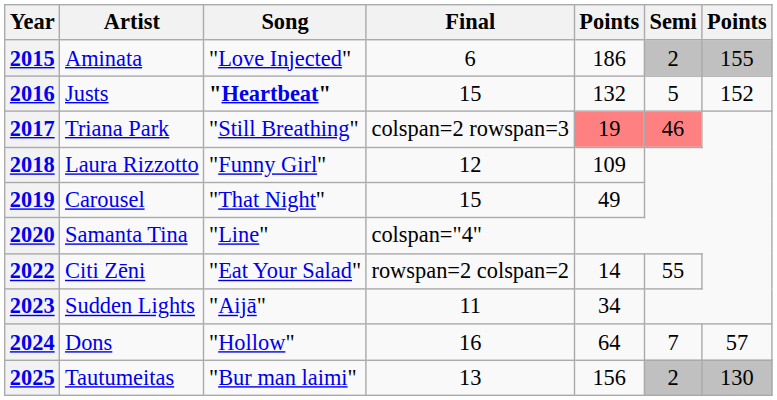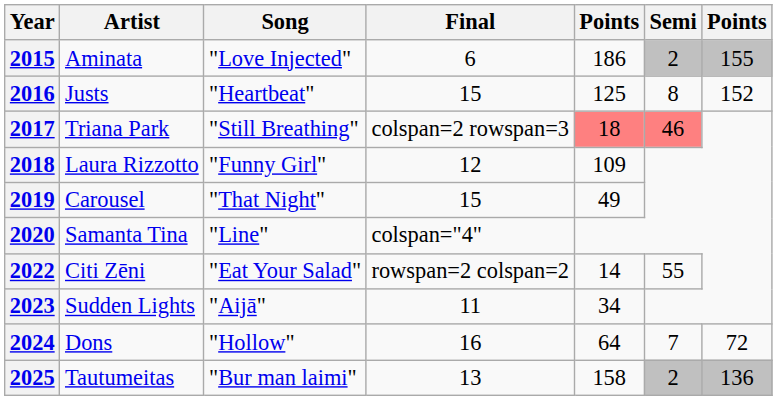 <table class="wikitable sortable plainrowheaders">
 <tr>
 <th scope="col">Year</th>
 <th scope="col">Artist</th>
 <th scope="col">Song</th>
 <th scope="col" data-sort-type="number">Final</th>
 <th scope="col" data-sort-type="number">Points</th>
 <th scope="col" data-sort-type="number">Semi</th>
 <th scope="col" data-sort-type="number">Points</th>
 </tr>
 <tr>
 <th scope="row" style="text-align:center;"><a href='#'>2015</a></th>
 <td><a href='#'>Aminata</a></td>
 <td>"<a href='#'>Love Injected</a>"</td>
 <td align="center">6</td>
 <td align="center">186</td>
 <td bgcolor="silver" align="center">2</td>
 <td bgcolor="silver" align="center">155</td>
 </tr>
 <tr>
 <th scope="row" style="text-align:center;"><a href='#'>2016</a></th>
 <td><a href='#'>Justs</a></td>
-<td><strong>"<a href='#'>Heartbeat</a>"</strong></td>
+<td>"<a href='#'>Heartbeat</a>"</td>
 <td align="center">15</td>
-<td align="center">132</td>
-<td align="center">5</td>
+<td align="center">125</td>
+<td align="center">8</td>
 <td align="center">152</td>
 </tr>
 <tr>
 <th scope="row" style="text-align:center;"><a href='#'>2017</a></th>
 <td><a href='#'>Triana Park</a></td>
 <td>"<a href='#'>Still Breathing</a>"</td>
 <td>colspan=2 rowspan=3 </td>
-<td bgcolor="#FE8080" align="center">19</td>
+<td bgcolor="#FE8080" align="center">18</td>
 <td bgcolor="#FE8080" align="center">46</td>
 </tr>
 <tr>
 <th scope="row" style="text-align:center;"><a href='#'>2018</a></th>
 <td><a href='#'>Laura Rizzotto</a></td>
 <td>"<a href='#'>Funny Girl</a>"</td>
 <td align="center">12</td>
 <td align="center">109</td>
 </tr>
 <tr>
 <th scope="row" style="text-align:center;"><a href='#'>2019</a></th>
 <td><a href='#'>Carousel</a></td>
 <td>"<a href='#'>That Night</a>"</td>
 <td align="center">15</td>
 <td align="center">49</td>
 </tr>
 <tr>
 <th scope="row" style="text-align:center;"><a href='#'>2020</a></th>
 <td><a href='#'>Samanta Tina</a></td>
 <td>"<a href='#'>Line</a>"</td>
 <td>colspan="4" </td>
 </tr>
 <tr>
 <th scope="row" style="text-align:center;"><a href='#'>2022</a></th>
 <td><a href='#'>Citi Zēni</a></td>
 <td>"<a href='#'>Eat Your Salad</a>"</td>
 <td>rowspan=2 colspan=2 </td>
 <td align="center">14</td>
 <td align="center">55</td>
 </tr>
 <tr>
 <th scope="row" style="text-align:center;"><a href='#'>2023</a></th>
 <td><a href='#'>Sudden Lights</a></td>
 <td>"<a href='#'>Aijā</a>"</td>
 <td align="center">11</td>
 <td align="center">34</td>
 </tr>
 <tr>
 <th scope="row" style="text-align:center;"><a href='#'>2024</a></th>
 <td><a href='#'>Dons</a></td>
 <td>"<a href='#'>Hollow</a>"</td>
 <td align="center">16</td>
 <td align="center">64</td>
 <td align="center">7</td>
-<td align="center">57</td>
+<td align="center">72</td>
 </tr>
 <tr>
 <th scope="row" style="text-align:center;"><a href='#'>2025</a></th>
 <td><a href='#'>Tautumeitas</a></td>
 <td>"<a href='#'>Bur man laimi</a>"</td>
 <td align="center">13</td>
-<td align="center">156</td>
+<td align="center">158</td>
 <td bgcolor="silver" align="center">2</td>
-<td bgcolor="silver" align="center">130</td>
+<td bgcolor="silver" align="center">136</td>
 </tr>
 </table>
